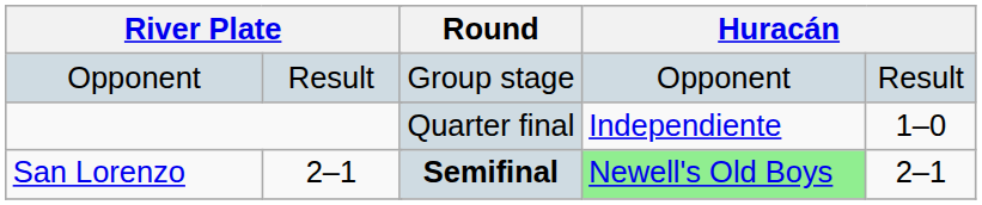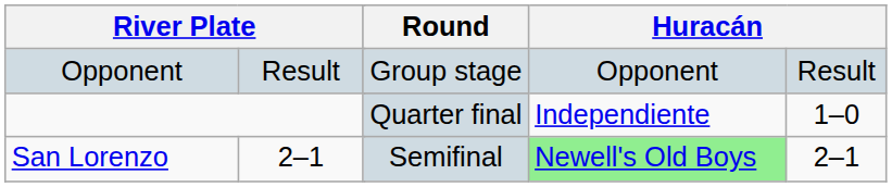 <table class="wikitable" style="text-align:center;">
 <tr>
 <th colspan=3 width=200px><a href='#'>River Plate</a></th>
 <th>Round</th>
 <th colspan=3 width=200px><a href='#'>Huracán</a></th>
 </tr>
 <tr bgcolor= #CFDBE2>
 <td width= x>Opponent</td>
 <td colspan=2>Result</td>
 <td>Group stage</td>
 <td width= px>Opponent</td>
 <td colspan=2>Result</td>
 </tr>
 <tr>
 <td colspan=3></td>
 <td bgcolor= #CFDBE2>Quarter final</td>
 <td align=left><a href='#'>Independiente</a></td>
 <td colspan=2>1–0</td>
 </tr>
 <tr>
 <td align=left><a href='#'>San Lorenzo</a></td>
 <td colspan=2>2–1</td>
-<td bgcolor= #CFDBE2><strong>Semifinal</strong></td>
+<td bgcolor= #CFDBE2>Semifinal</td>
 <td align=left style="background: lightgreen;"><a href='#'>Newell's Old Boys</a></td>
 <td colspan=2>2–1</td>
 </tr>
 </table>
